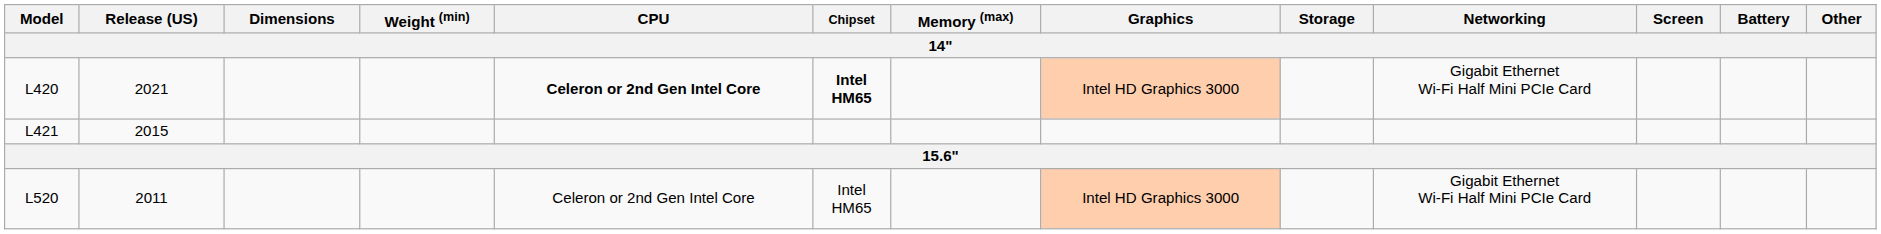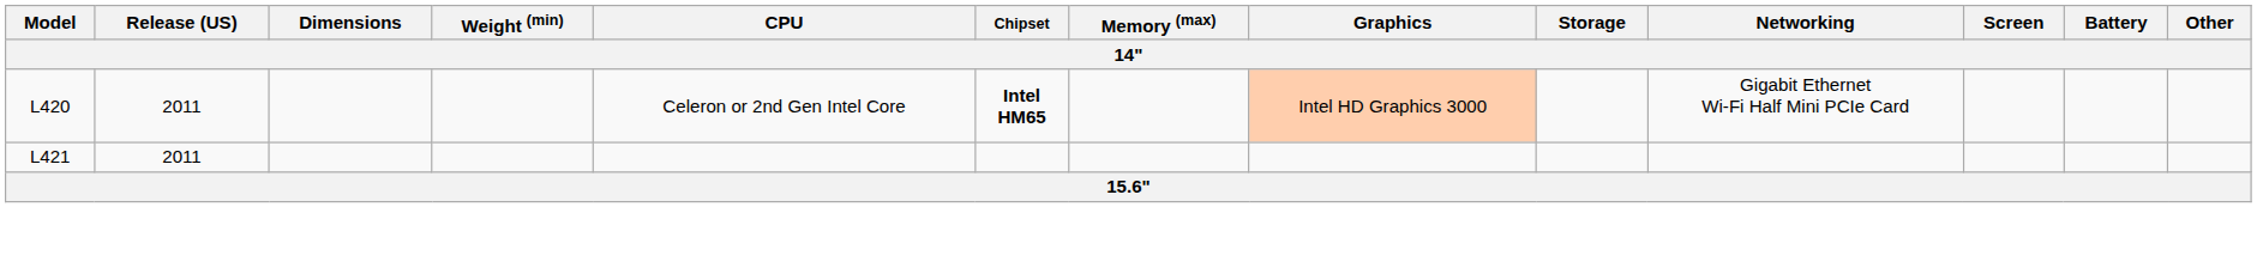 <table class="wikitable" style="font-size: 80%; text-align: center; min-width: 80%;">
 <tr>
 <th>Model</th>
 <th>Release (US)</th>
 <th>Dimensions</th>
 <th>Weight <sup>(min)</sup></th>
 <th style="width:17%">CPU</th>
 <th><small>Chipset</small></th>
 <th>Memory <sup>(max)</sup></th>
 <th>Graphics</th>
 <th>Storage</th>
 <th>Networking</th>
 <th>Screen</th>
 <th>Battery</th>
 <th>Other</th>
 </tr>
 <tr>
 <th colspan=13>14"</th>
 </tr>
 <tr>
 <td>L420</td>
-<td>2021</td>
+<td>2011</td>
 <td></td>
 <td></td>
-<td style="background:"><strong>Celeron or 2nd Gen Intel Core</strong></td>
+<td style="background:">Celeron or 2nd Gen Intel Core</td>
 <td><strong>Intel<br>HM65</strong></td>
 <td></td>
 <td style="background:#ffcead;">Intel HD Graphics 3000</td>
 <td></td>
 <td>Gigabit Ethernet<br>Wi-Fi Half Mini PCIe Card<br><small><br></small></td>
 <td></td>
 <td></td>
 <td></td>
 </tr>
 <tr>
 <td>L421</td>
-<td>2015</td>
+<td>2011</td>
 <td></td>
 <td></td>
 <td></td>
 <td></td>
 <td></td>
 <td></td>
 <td></td>
 <td></td>
 <td></td>
 <td><br></td>
 <td></td>
 </tr>
 <tr>
 <th colspan=13>15.6"</th>
 </tr>
-<tr>
-<td>L520</td>
-<td>2011</td>
-<td></td>
-<td></td>
-<td style="background:">Celeron or 2nd Gen Intel Core</td>
-<td>Intel<br>HM65</td>
-<td></td>
-<td style="background:#ffcead;">Intel HD Graphics 3000</td>
-<td></td>
-<td>Gigabit Ethernet<br>Wi-Fi Half Mini PCIe Card<br><small><br></small></td>
-<td></td>
-<td></td>
-<td></td>
-</tr>
 </table>
